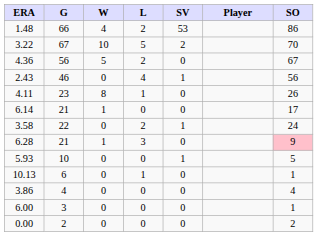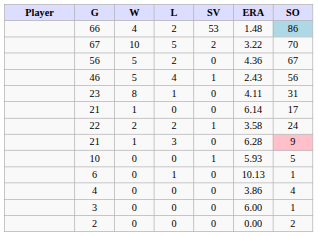 <table class="wikitable sortable">
 <tr>
-<th style="background:#ddf; width:9%;">ERA</th>
+<th style="background:#ddf; width:16%;">Player</th>
 <th style="background:#ddf; width:9%;">G</th>
 <th style="background:#ddf; width:9%;">W</th>
 <th style="background:#ddf; width:9%;">L</th>
 <th style="background:#ddf; width:9%;">SV</th>
-<th style="background:#ddf; width:16%;">Player</th>
+<th style="background:#ddf; width:9%;">ERA</th>
 <th style="background:#ddf; width:9%;">SO</th>
 </tr>
 <tr style="text-align:center;">
-<td>1.48</td>
+<td></td>
 <td>66</td>
 <td>4</td>
 <td>2</td>
 <td>53</td>
-<td></td>
-<td>86</td>
+<td>1.48</td>
+<td style="background: lightblue;">86</td>
 </tr>
 <tr style="text-align:center;">
-<td>3.22</td>
+<td></td>
 <td>67</td>
 <td>10</td>
 <td>5</td>
 <td>2</td>
-<td></td>
+<td>3.22</td>
 <td>70</td>
 </tr>
 <tr style="text-align:center;">
-<td>4.36</td>
+<td></td>
 <td>56</td>
 <td>5</td>
 <td>2</td>
 <td>0</td>
-<td></td>
+<td>4.36</td>
 <td>67</td>
 </tr>
 <tr style="text-align:center;">
-<td>2.43</td>
+<td></td>
 <td>46</td>
-<td>0</td>
+<td>5</td>
 <td>4</td>
 <td>1</td>
-<td></td>
+<td>2.43</td>
 <td>56</td>
 </tr>
 <tr style="text-align:center;">
-<td>4.11</td>
+<td></td>
 <td>23</td>
 <td>8</td>
 <td>1</td>
 <td>0</td>
-<td></td>
-<td>26</td>
+<td>4.11</td>
+<td>31</td>
 </tr>
 <tr style="text-align:center;">
-<td>6.14</td>
+<td></td>
 <td>21</td>
 <td>1</td>
 <td>0</td>
 <td>0</td>
-<td></td>
+<td>6.14</td>
 <td>17</td>
 </tr>
 <tr style="text-align:center;">
-<td>3.58</td>
+<td></td>
 <td>22</td>
-<td>0</td>
+<td>2</td>
 <td>2</td>
 <td>1</td>
-<td></td>
+<td>3.58</td>
 <td>24</td>
 </tr>
 <tr style="text-align:center;">
-<td>6.28</td>
+<td></td>
 <td>21</td>
 <td>1</td>
 <td>3</td>
 <td>0</td>
-<td></td>
+<td>6.28</td>
 <td style="background: pink;">9</td>
 </tr>
 <tr style="text-align:center;">
-<td>5.93</td>
+<td></td>
 <td>10</td>
 <td>0</td>
 <td>0</td>
 <td>1</td>
-<td></td>
+<td>5.93</td>
 <td>5</td>
 </tr>
 <tr style="text-align:center;">
-<td>10.13</td>
+<td></td>
 <td>6</td>
 <td>0</td>
 <td>1</td>
 <td>0</td>
-<td></td>
+<td>10.13</td>
 <td>1</td>
 </tr>
 <tr style="text-align:center;">
-<td>3.86</td>
+<td></td>
 <td>4</td>
 <td>0</td>
 <td>0</td>
 <td>0</td>
-<td></td>
+<td>3.86</td>
 <td>4</td>
 </tr>
 <tr style="text-align:center;">
-<td>6.00</td>
+<td></td>
 <td>3</td>
 <td>0</td>
 <td>0</td>
 <td>0</td>
-<td></td>
+<td>6.00</td>
 <td>1</td>
 </tr>
 <tr style="text-align:center;">
-<td>0.00</td>
+<td></td>
 <td>2</td>
 <td>0</td>
 <td>0</td>
 <td>0</td>
-<td></td>
+<td>0.00</td>
 <td>2</td>
 </tr>
 </table>
